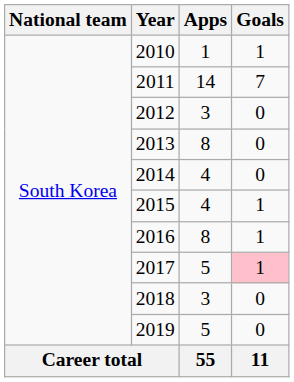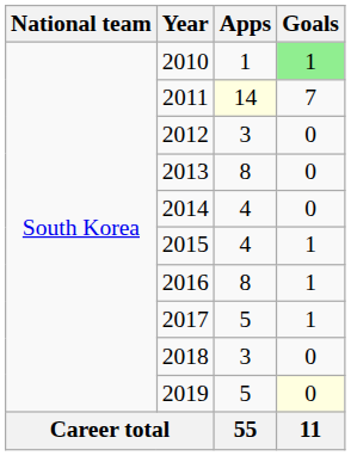 <table class="wikitable" style="text-align:center">
 <tr>
 <th>National team</th>
 <th>Year</th>
 <th>Apps</th>
 <th>Goals</th>
 </tr>
 <tr>
 <td rowspan="10"><a href='#'>South Korea</a></td>
 <td>2010</td>
 <td>1</td>
-<td>1</td>
+<td style="background: lightgreen;">1</td>
 </tr>
 <tr>
 <td>2011</td>
-<td>14</td>
+<td style="background: lightyellow;">14</td>
 <td>7</td>
 </tr>
 <tr>
 <td>2012</td>
 <td>3</td>
 <td>0</td>
 </tr>
 <tr>
 <td>2013</td>
 <td>8</td>
 <td>0</td>
 </tr>
 <tr>
 <td>2014</td>
 <td>4</td>
 <td>0</td>
 </tr>
 <tr>
 <td>2015</td>
 <td>4</td>
 <td>1</td>
 </tr>
 <tr>
 <td>2016</td>
 <td>8</td>
 <td>1</td>
 </tr>
 <tr>
 <td>2017</td>
 <td>5</td>
-<td style="background: pink;">1</td>
+<td>1</td>
 </tr>
 <tr>
 <td>2018</td>
 <td>3</td>
 <td>0</td>
 </tr>
 <tr>
 <td>2019</td>
 <td>5</td>
-<td>0</td>
+<td style="background: lightyellow;">0</td>
 </tr>
 <tr>
 <th colspan="2">Career total</th>
 <th>55</th>
 <th>11</th>
 </tr>
 </table>
